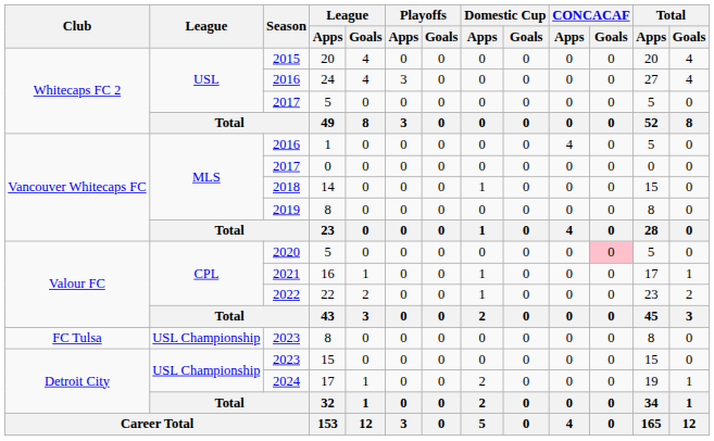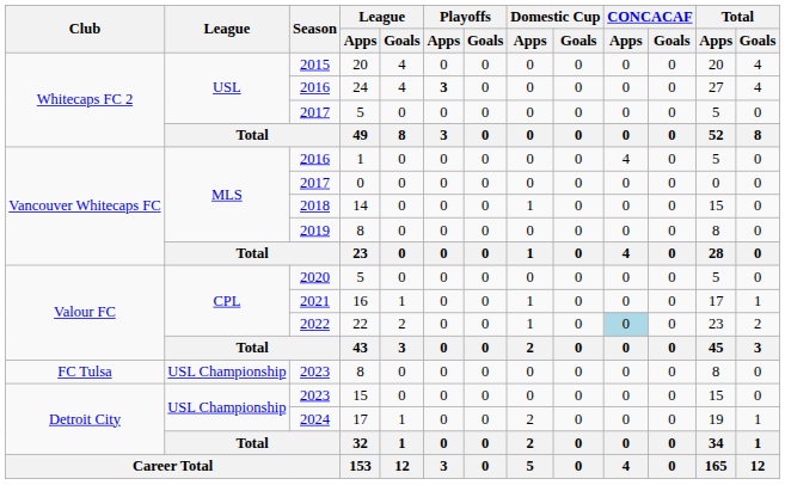 <table class="wikitable" style="text-align: center;">
 <tr>
 <th rowspan="2">Club</th>
 <th rowspan="2">League</th>
 <th rowspan="2">Season</th>
 <th colspan="2">League</th>
 <th colspan="2">Playoffs</th>
 <th colspan="2">Domestic Cup</th>
 <th colspan="2"><a href='#'>CONCACAF</a></th>
 <th colspan="2">Total</th>
 </tr>
 <tr>
 <th>Apps</th>
 <th>Goals</th>
 <th>Apps</th>
 <th>Goals</th>
 <th>Apps</th>
 <th>Goals</th>
 <th>Apps</th>
 <th>Goals</th>
 <th>Apps</th>
 <th>Goals</th>
 </tr>
 <tr>
 <td rowspan="4"><a href='#'>Whitecaps FC 2</a></td>
 <td rowspan="3"><a href='#'>USL</a></td>
 <td><a href='#'>2015</a></td>
 <td>20</td>
 <td>4</td>
 <td>0</td>
 <td>0</td>
 <td>0</td>
 <td>0</td>
 <td>0</td>
 <td>0</td>
 <td>20</td>
 <td>4</td>
 </tr>
 <tr>
 <td><a href='#'>2016</a></td>
 <td>24</td>
 <td>4</td>
-<td>3</td>
+<td><strong>3</strong></td>
 <td>0</td>
 <td>0</td>
 <td>0</td>
 <td>0</td>
 <td>0</td>
 <td>27</td>
 <td>4</td>
 </tr>
 <tr>
 <td><a href='#'>2017</a></td>
 <td>5</td>
 <td>0</td>
 <td>0</td>
 <td>0</td>
 <td>0</td>
 <td>0</td>
 <td>0</td>
 <td>0</td>
 <td>5</td>
 <td>0</td>
 </tr>
 <tr>
 <th colspan="2">Total</th>
 <th>49</th>
 <th>8</th>
 <th>3</th>
 <th>0</th>
 <th>0</th>
 <th>0</th>
 <th>0</th>
 <th>0</th>
 <th>52</th>
 <th>8</th>
 </tr>
 <tr>
 <td rowspan="5"><a href='#'>Vancouver Whitecaps FC</a></td>
 <td rowspan="4"><a href='#'>MLS</a></td>
 <td><a href='#'>2016</a></td>
 <td>1</td>
 <td>0</td>
 <td>0</td>
 <td>0</td>
 <td>0</td>
 <td>0</td>
 <td>4</td>
 <td>0</td>
 <td>5</td>
 <td>0</td>
 </tr>
 <tr>
 <td><a href='#'>2017</a></td>
 <td>0</td>
 <td>0</td>
 <td>0</td>
 <td>0</td>
 <td>0</td>
 <td>0</td>
 <td>0</td>
 <td>0</td>
 <td>0</td>
 <td>0</td>
 </tr>
 <tr>
 <td><a href='#'>2018</a></td>
 <td>14</td>
 <td>0</td>
 <td>0</td>
 <td>0</td>
 <td>1</td>
 <td>0</td>
 <td>0</td>
 <td>0</td>
 <td>15</td>
 <td>0</td>
 </tr>
 <tr>
 <td><a href='#'>2019</a></td>
 <td>8</td>
 <td>0</td>
 <td>0</td>
 <td>0</td>
 <td>0</td>
 <td>0</td>
 <td>0</td>
 <td>0</td>
 <td>8</td>
 <td>0</td>
 </tr>
 <tr>
 <th colspan="2">Total</th>
 <th>23</th>
 <th>0</th>
 <th>0</th>
 <th>0</th>
 <th>1</th>
 <th>0</th>
 <th>4</th>
 <th>0</th>
 <th>28</th>
 <th>0</th>
 </tr>
 <tr>
 <td rowspan="4"><a href='#'>Valour FC</a></td>
 <td rowspan="3"><a href='#'>CPL</a></td>
 <td><a href='#'>2020</a></td>
 <td>5</td>
 <td>0</td>
 <td>0</td>
 <td>0</td>
 <td>0</td>
 <td>0</td>
 <td>0</td>
-<td style="background: pink;">0</td>
+<td>0</td>
 <td>5</td>
 <td>0</td>
 </tr>
 <tr>
 <td><a href='#'>2021</a></td>
 <td>16</td>
 <td>1</td>
 <td>0</td>
 <td>0</td>
 <td>1</td>
 <td>0</td>
 <td>0</td>
 <td>0</td>
 <td>17</td>
 <td>1</td>
 </tr>
 <tr>
 <td><a href='#'>2022</a></td>
 <td>22</td>
 <td>2</td>
 <td>0</td>
 <td>0</td>
 <td>1</td>
 <td>0</td>
-<td>0</td>
+<td style="background: lightblue;">0</td>
 <td>0</td>
 <td>23</td>
 <td>2</td>
 </tr>
 <tr>
 <th colspan="2">Total</th>
 <th>43</th>
 <th>3</th>
 <th>0</th>
 <th>0</th>
 <th>2</th>
 <th>0</th>
 <th>0</th>
 <th>0</th>
 <th>45</th>
 <th>3</th>
 </tr>
 <tr>
 <td><a href='#'>FC Tulsa</a></td>
 <td><a href='#'>USL Championship</a></td>
 <td><a href='#'>2023</a></td>
 <td>8</td>
 <td>0</td>
 <td>0</td>
 <td>0</td>
 <td>0</td>
 <td>0</td>
 <td>0</td>
 <td>0</td>
 <td>8</td>
 <td>0</td>
 </tr>
 <tr>
 <td rowspan="3"><a href='#'>Detroit City</a></td>
 <td rowspan="2"><a href='#'>USL Championship</a></td>
 <td><a href='#'>2023</a></td>
 <td>15</td>
 <td>0</td>
 <td>0</td>
 <td>0</td>
 <td>0</td>
 <td>0</td>
 <td>0</td>
 <td>0</td>
 <td>15</td>
 <td>0</td>
 </tr>
 <tr>
 <td><a href='#'>2024</a></td>
 <td>17</td>
 <td>1</td>
 <td>0</td>
 <td>0</td>
 <td>2</td>
 <td>0</td>
 <td>0</td>
 <td>0</td>
 <td>19</td>
 <td>1</td>
 </tr>
 <tr>
 <th colspan="2">Total</th>
 <th>32</th>
 <th>1</th>
 <th>0</th>
 <th>0</th>
 <th>2</th>
 <th>0</th>
 <th>0</th>
 <th>0</th>
 <th>34</th>
 <th>1</th>
 </tr>
 <tr>
 <th colspan="3">Career Total</th>
 <th>153</th>
 <th>12</th>
 <th>3</th>
 <th>0</th>
 <th>5</th>
 <th>0</th>
 <th>4</th>
 <th>0</th>
 <th>165</th>
 <th>12</th>
 </tr>
 </table>
